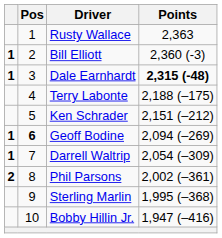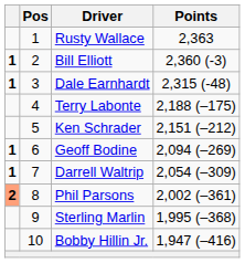 <table class="wikitable" style="font-size: 95%;">
 <tr>
 <th></th>
 <th>Pos</th>
 <th>Driver</th>
 <th>Points</th>
 </tr>
 <tr>
 <td align="left"></td>
 <td style="text-align:center;">1</td>
 <td><a href='#'>Rusty Wallace</a></td>
 <td style="text-align:center;">2,363</td>
 </tr>
 <tr>
 <td align="left">  <strong>1</strong></td>
 <td style="text-align:center;">2</td>
 <td><a href='#'>Bill Elliott</a></td>
 <td style="text-align:center;">2,360 (-3)</td>
 </tr>
 <tr>
 <td align="left">  <strong>1</strong></td>
 <td style="text-align:center;">3</td>
 <td><a href='#'>Dale Earnhardt</a></td>
-<td style="text-align:center;"><strong>2,315 (-48)</strong></td>
+<td style="text-align:center;">2,315 (-48)</td>
 </tr>
 <tr>
 <td align="left"></td>
 <td style="text-align:center;">4</td>
 <td><a href='#'>Terry Labonte</a></td>
 <td style="text-align:center;">2,188 (–175)</td>
 </tr>
 <tr>
 <td align="left"></td>
 <td style="text-align:center;">5</td>
 <td><a href='#'>Ken Schrader</a></td>
 <td style="text-align:center;">2,151 (–212)</td>
 </tr>
 <tr>
 <td align="left">  <strong>1</strong></td>
-<td style="text-align:center;"><strong>6</strong></td>
+<td style="text-align:center;">6</td>
 <td><a href='#'>Geoff Bodine</a></td>
 <td style="text-align:center;">2,094 (–269)</td>
 </tr>
 <tr>
 <td align="left">  <strong>1</strong></td>
 <td style="text-align:center;">7</td>
 <td><a href='#'>Darrell Waltrip</a></td>
 <td style="text-align:center;">2,054 (–309)</td>
 </tr>
 <tr>
-<td align="left">  <strong>2</strong></td>
+<td align="left" style="background: lightsalmon;">  <strong>2</strong></td>
 <td style="text-align:center;">8</td>
 <td><a href='#'>Phil Parsons</a></td>
 <td style="text-align:center;">2,002 (–361)</td>
 </tr>
 <tr>
 <td align="left"></td>
 <td style="text-align:center;">9</td>
 <td><a href='#'>Sterling Marlin</a></td>
 <td style="text-align:center;">1,995 (–368)</td>
 </tr>
 <tr>
 <td align="left"></td>
 <td style="text-align:center;">10</td>
 <td><a href='#'>Bobby Hillin Jr.</a></td>
 <td style="text-align:center;">1,947 (–416)</td>
 </tr>
 <tr class="sortbottom">
 <th colspan="9"></th>
 </tr>
 </table>
